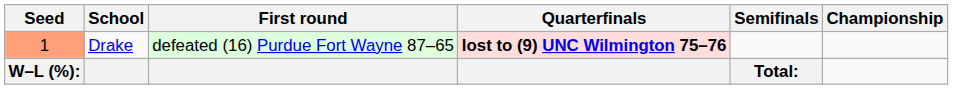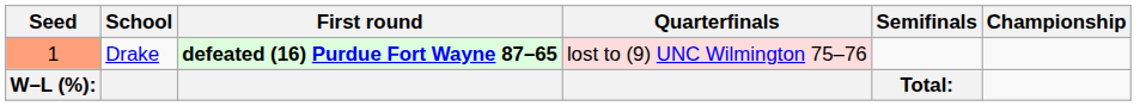 <table class="sortable wikitable" style="white-space:nowrap; font-size:90%">
 <tr>
 <th>Seed</th>
 <th>School</th>
 <th>First round</th>
 <th>Quarterfinals</th>
 <th>Semifinals</th>
 <th>Championship</th>
 </tr>
 <tr>
 <td align=center style="background: lightsalmon;">1</td>
 <td><a href='#'>Drake</a></td>
-<td style="background:#ddffdd;">defeated (16) <a href='#'>Purdue Fort Wayne</a> 87–65</td>
-<td style="background:#ffdddd;"><strong>lost to (9) <a href='#'>UNC Wilmington</a> 75–76</strong></td>
+<td style="background:#ddffdd;"><strong>defeated (16) <a href='#'>Purdue Fort Wayne</a> 87–65</strong></td>
+<td style="background:#ffdddd;">lost to (9) <a href='#'>UNC Wilmington</a> 75–76</td>
 <td></td>
 <td></td>
 </tr>
 <tr>
 <th>W–L (%):</th>
 <th></th>
 <th></th>
 <th></th>
 <th> Total: </th>
 </tr>
 </table>
